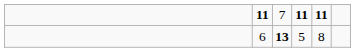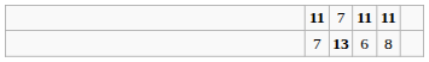 <table class="wikitable">
 <tr>
 <td style="width:18em"></td>
 <td align=center style="width:1em"><strong>11</strong></td>
 <td align=center style="width:1em">7</td>
 <td align=center style="width:1em"><strong>11</strong></td>
 <td align=center style="width:1em"><strong>11</strong></td>
 <td align=center style="width:1em"></td>
 </tr>
 <tr>
 <td style="width:18em"></td>
+<td align=center style="width:1em">7</td>
+<td align=center style="width:1em"><strong>13</strong></td>
 <td align=center style="width:1em">6</td>
-<td align=center style="width:1em"><strong>13</strong></td>
-<td align=center style="width:1em">5</td>
 <td align=center style="width:1em">8</td>
 <td align=center style="width:1em"></td>
 </tr>
 </table>
